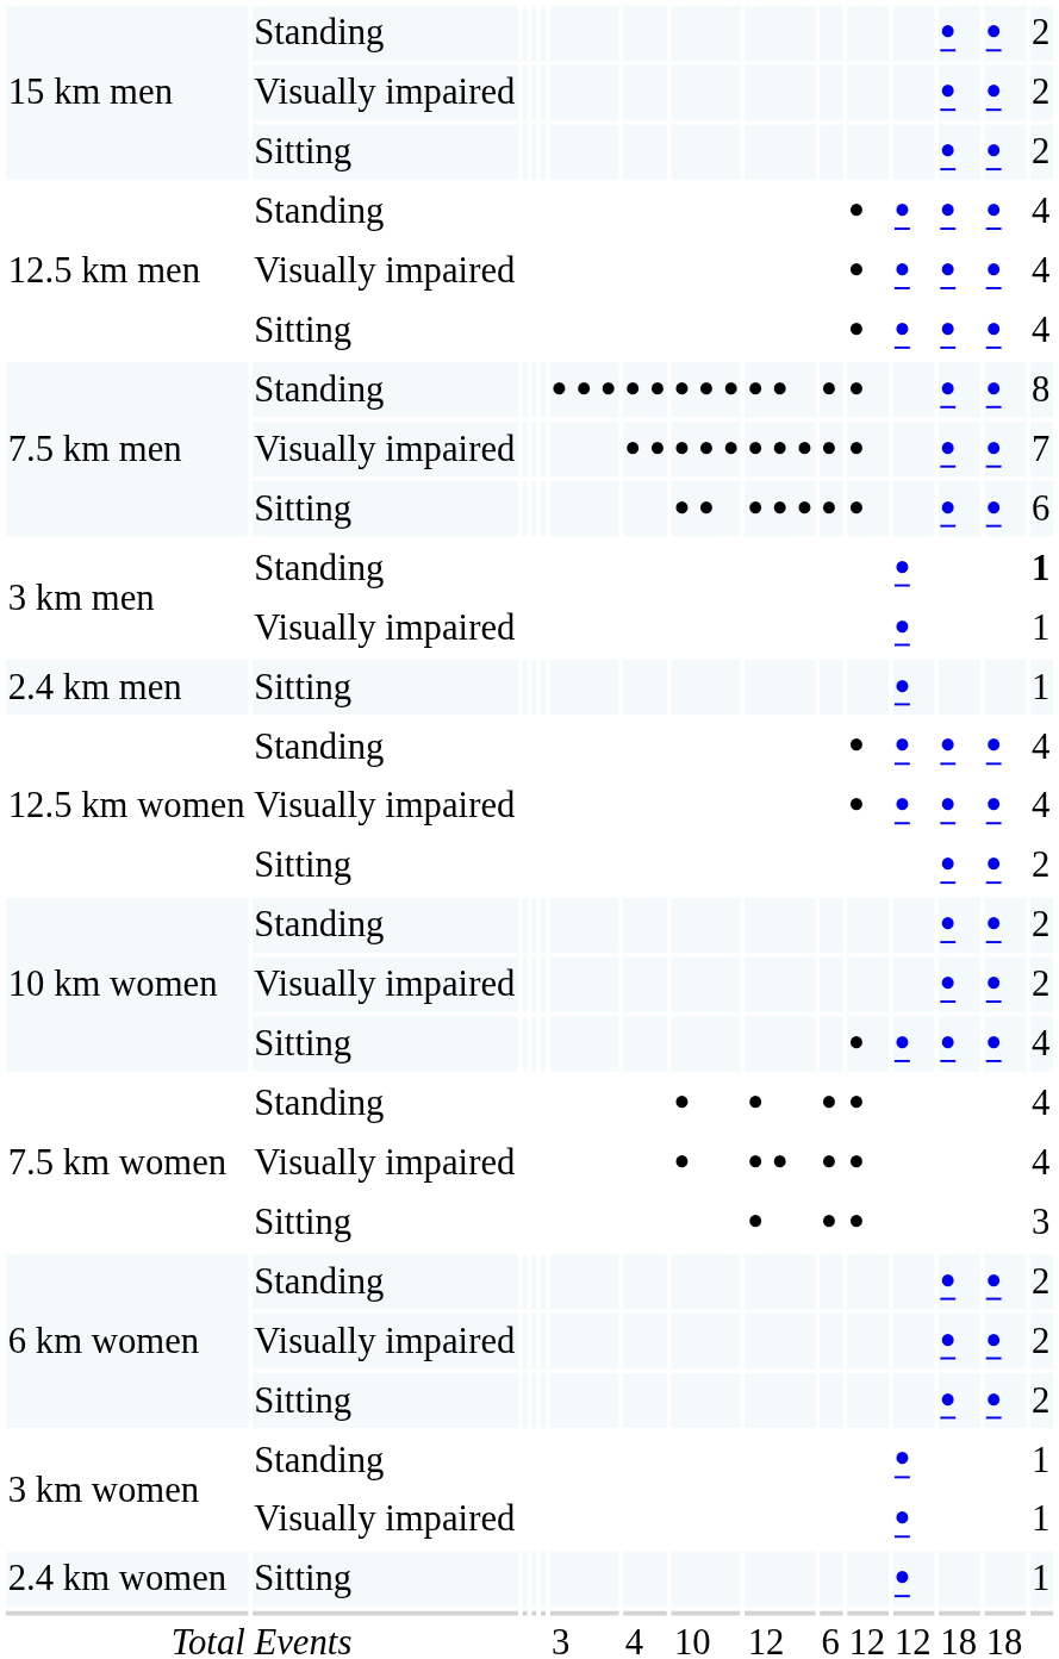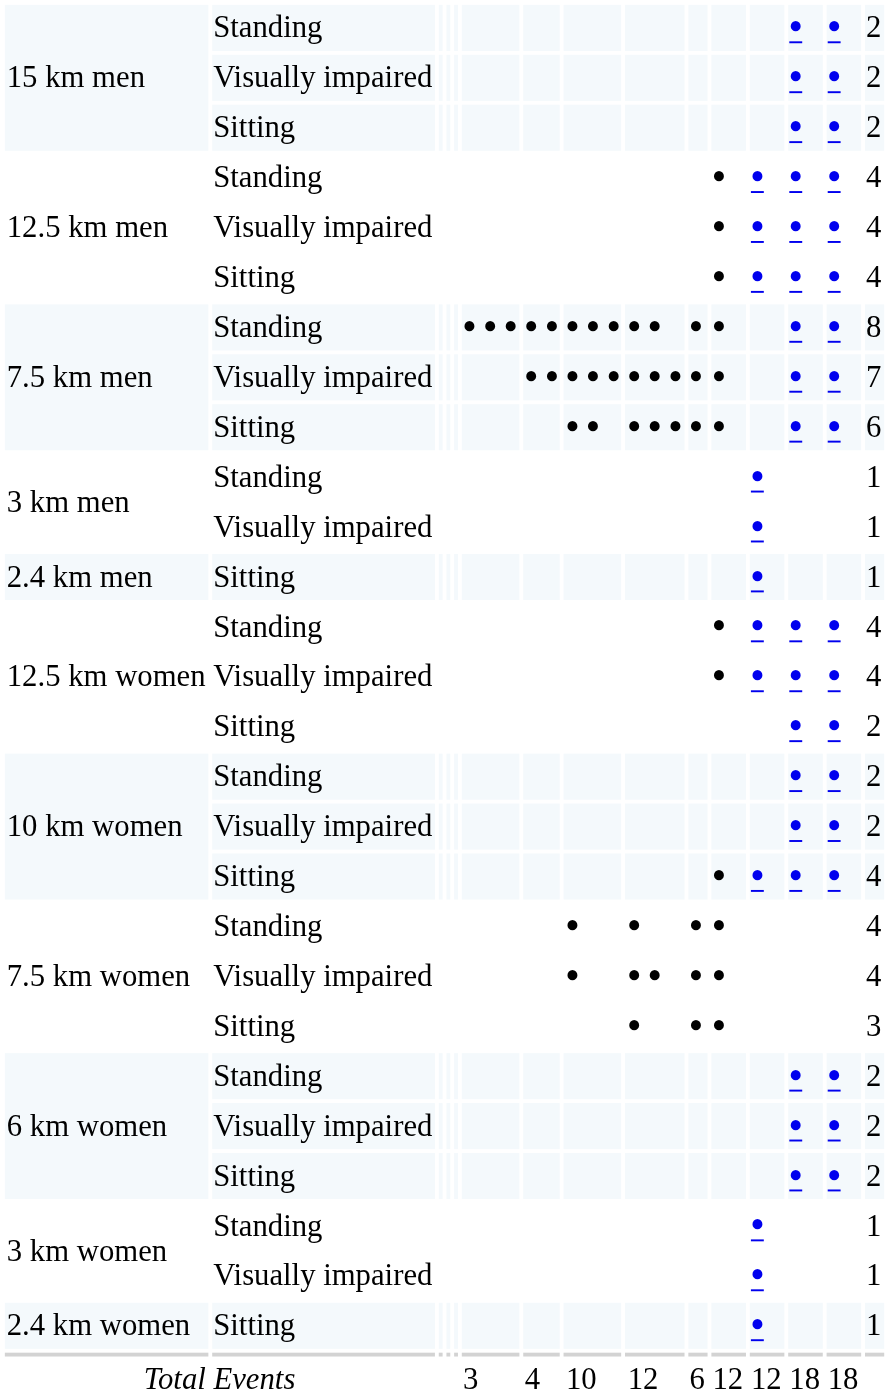 <table>
 <tr bgcolor="#F4F9FC">
 <td align=left rowspan="3">15 km men</td>
 <td align=left>Standing</td>
 <td></td>
 <td></td>
 <td></td>
 <td></td>
 <td></td>
 <td></td>
 <td></td>
 <td></td>
 <td></td>
 <td></td>
 <td><big><strong><a href='#'>•</a></strong></big></td>
 <td><big><strong><a href='#'>•</a></strong></big></td>
 <td>2</td>
 </tr>
 <tr bgcolor="#F4F9FC">
 <td align=left>Visually impaired</td>
 <td></td>
 <td></td>
 <td></td>
 <td></td>
 <td></td>
 <td></td>
 <td></td>
 <td></td>
 <td></td>
 <td></td>
 <td><big><strong><a href='#'>•</a></strong></big></td>
 <td><big><strong><a href='#'>•</a></strong></big></td>
 <td>2</td>
 </tr>
 <tr bgcolor="#F4F9FC">
 <td align=left>Sitting</td>
 <td></td>
 <td></td>
 <td></td>
 <td></td>
 <td></td>
 <td></td>
 <td></td>
 <td></td>
 <td></td>
 <td></td>
 <td><big><strong><a href='#'>•</a></strong></big></td>
 <td><big><strong><a href='#'>•</a></strong></big></td>
 <td>2</td>
 </tr>
 <tr>
 <td align=left rowspan="3">12.5 km men</td>
 <td align=left>Standing</td>
 <td></td>
 <td></td>
 <td></td>
 <td></td>
 <td></td>
 <td></td>
 <td></td>
 <td></td>
 <td><big><strong>•</strong></big></td>
 <td><big><strong><a href='#'>•</a></strong></big></td>
 <td><big><strong><a href='#'>•</a></strong></big></td>
 <td><big><strong><a href='#'>•</a></strong></big></td>
 <td>4</td>
 </tr>
 <tr>
 <td align=left>Visually impaired</td>
 <td></td>
 <td></td>
 <td></td>
 <td></td>
 <td></td>
 <td></td>
 <td></td>
 <td></td>
 <td><big><strong>•</strong></big></td>
 <td><big><strong><a href='#'>•</a></strong></big></td>
 <td><big><strong><a href='#'>•</a></strong></big></td>
 <td><big><strong><a href='#'>•</a></strong></big></td>
 <td>4</td>
 </tr>
 <tr>
 <td align=left>Sitting</td>
 <td></td>
 <td></td>
 <td></td>
 <td></td>
 <td></td>
 <td></td>
 <td></td>
 <td></td>
 <td><big><strong>•</strong></big></td>
 <td><big><strong><a href='#'>•</a></strong></big></td>
 <td><big><strong><a href='#'>•</a></strong></big></td>
 <td><big><strong><a href='#'>•</a></strong></big></td>
 <td>4</td>
 </tr>
 <tr bgcolor="#F4F9FC">
 <td align=left rowspan="3">7.5 km men</td>
 <td align=left>Standing</td>
 <td></td>
 <td></td>
 <td></td>
 <td><big><strong>•</strong></big> <big><strong>•</strong></big> <big><strong>•</strong></big></td>
 <td><big><strong>•</strong></big> <big><strong>•</strong></big></td>
 <td><big><strong>•</strong></big> <big><strong>•</strong></big> <big><strong>•</strong></big></td>
 <td><big><strong>•</strong></big> <big><strong>•</strong></big></td>
 <td><big><strong>•</strong></big></td>
 <td><big><strong>•</strong></big></td>
 <td></td>
 <td><big><strong><a href='#'>•</a></strong></big></td>
 <td><big><strong><a href='#'>•</a></strong></big></td>
 <td>8</td>
 </tr>
 <tr bgcolor="#F4F9FC">
 <td align=left>Visually impaired</td>
 <td></td>
 <td></td>
 <td></td>
 <td></td>
 <td><big><strong>•</strong></big> <big><strong>•</strong></big></td>
 <td><big><strong>•</strong></big> <big><strong>•</strong></big> <big><strong>•</strong></big></td>
 <td><big><strong>•</strong></big> <big><strong>•</strong></big> <big><strong>•</strong></big></td>
 <td><big><strong>•</strong></big></td>
 <td><big><strong>•</strong></big></td>
 <td></td>
 <td><big><strong><a href='#'>•</a></strong></big></td>
 <td><big><strong><a href='#'>•</a></strong></big></td>
 <td>7</td>
 </tr>
 <tr bgcolor="#F4F9FC">
 <td align=left>Sitting</td>
 <td></td>
 <td></td>
 <td></td>
 <td></td>
 <td></td>
 <td><big><strong>•</strong></big> <big><strong>•</strong></big></td>
 <td><big><strong>•</strong></big> <big><strong>•</strong></big> <big><strong>•</strong></big></td>
 <td><big><strong>•</strong></big></td>
 <td><big><strong>•</strong></big></td>
 <td></td>
 <td><big><strong><a href='#'>•</a></strong></big></td>
 <td><big><strong><a href='#'>•</a></strong></big></td>
 <td>6</td>
 </tr>
 <tr>
 <td align=left rowspan="2">3 km men</td>
 <td align=left>Standing</td>
 <td></td>
 <td></td>
 <td></td>
 <td></td>
 <td></td>
 <td></td>
 <td></td>
 <td></td>
 <td></td>
 <td><big><strong><a href='#'>•</a></strong></big></td>
 <td></td>
 <td></td>
-<td><strong>1</strong></td>
+<td>1</td>
 </tr>
 <tr>
 <td align=left>Visually impaired</td>
 <td></td>
 <td></td>
 <td></td>
 <td></td>
 <td></td>
 <td></td>
 <td></td>
 <td></td>
 <td></td>
 <td><big><strong><a href='#'>•</a></strong></big></td>
 <td></td>
 <td></td>
 <td>1</td>
 </tr>
 <tr bgcolor="#F4F9FC">
 <td align=left>2.4 km men</td>
 <td align=left>Sitting</td>
 <td></td>
 <td></td>
 <td></td>
 <td></td>
 <td></td>
 <td></td>
 <td></td>
 <td></td>
 <td></td>
 <td><big><strong><a href='#'>•</a></strong></big></td>
 <td></td>
 <td></td>
 <td>1</td>
 </tr>
 <tr>
 <td align=left rowspan="3">12.5 km women</td>
 <td align=left>Standing</td>
 <td></td>
 <td></td>
 <td></td>
 <td></td>
 <td></td>
 <td></td>
 <td></td>
 <td></td>
 <td><big><strong>•</strong></big></td>
 <td><big><strong><a href='#'>•</a></strong></big></td>
 <td><big><strong><a href='#'>•</a></strong></big></td>
 <td><big><strong><a href='#'>•</a></strong></big></td>
 <td>4</td>
 </tr>
 <tr>
 <td align=left>Visually impaired</td>
 <td></td>
 <td></td>
 <td></td>
 <td></td>
 <td></td>
 <td></td>
 <td></td>
 <td></td>
 <td><big><strong>•</strong></big></td>
 <td><big><strong><a href='#'>•</a></strong></big></td>
 <td><big><strong><a href='#'>•</a></strong></big></td>
 <td><big><strong><a href='#'>•</a></strong></big></td>
 <td>4</td>
 </tr>
 <tr>
 <td align=left>Sitting</td>
 <td></td>
 <td></td>
 <td></td>
 <td></td>
 <td></td>
 <td></td>
 <td></td>
 <td></td>
 <td></td>
 <td></td>
 <td><big><strong><a href='#'>•</a></strong></big></td>
 <td><big><strong><a href='#'>•</a></strong></big></td>
 <td>2</td>
 </tr>
 <tr bgcolor="#F4F9FC">
 <td align=left rowspan="3">10 km women</td>
 <td align=left>Standing</td>
 <td></td>
 <td></td>
 <td></td>
 <td></td>
 <td></td>
 <td></td>
 <td></td>
 <td></td>
 <td></td>
 <td></td>
 <td><big><strong><a href='#'>•</a></strong></big></td>
 <td><big><strong><a href='#'>•</a></strong></big></td>
 <td>2</td>
 </tr>
 <tr bgcolor="#F4F9FC">
 <td align=left>Visually impaired</td>
 <td></td>
 <td></td>
 <td></td>
 <td></td>
 <td></td>
 <td></td>
 <td></td>
 <td></td>
 <td></td>
 <td></td>
 <td><big><strong><a href='#'>•</a></strong></big></td>
 <td><big><strong><a href='#'>•</a></strong></big></td>
 <td>2</td>
 </tr>
 <tr bgcolor="#F4F9FC">
 <td align=left>Sitting</td>
 <td></td>
 <td></td>
 <td></td>
 <td></td>
 <td></td>
 <td></td>
 <td></td>
 <td></td>
 <td><big><strong>•</strong></big></td>
 <td><big><strong><a href='#'>•</a></strong></big></td>
 <td><big><strong><a href='#'>•</a></strong></big></td>
 <td><big><strong><a href='#'>•</a></strong></big></td>
 <td>4</td>
 </tr>
 <tr>
 <td align=left rowspan="3">7.5 km women</td>
 <td align=left>Standing</td>
 <td></td>
 <td></td>
 <td></td>
 <td></td>
 <td></td>
 <td><big><strong>•</strong></big></td>
 <td><big><strong>•</strong></big></td>
 <td><big><strong>•</strong></big></td>
 <td><big><strong>•</strong></big></td>
 <td></td>
 <td></td>
 <td></td>
 <td>4</td>
 </tr>
 <tr>
 <td align=left>Visually impaired</td>
 <td></td>
 <td></td>
 <td></td>
 <td></td>
 <td></td>
 <td><big><strong>•</strong></big></td>
 <td><big><strong>•</strong></big> <big><strong>•</strong></big></td>
 <td><big><strong>•</strong></big></td>
 <td><big><strong>•</strong></big></td>
 <td></td>
 <td></td>
 <td></td>
 <td>4</td>
 </tr>
 <tr>
 <td align=left>Sitting</td>
 <td></td>
 <td></td>
 <td></td>
 <td></td>
 <td></td>
 <td></td>
 <td><big><strong>•</strong></big></td>
 <td><big><strong>•</strong></big></td>
 <td><big><strong>•</strong></big></td>
 <td></td>
 <td></td>
 <td></td>
 <td>3</td>
 </tr>
 <tr bgcolor="#F4F9FC">
 <td align=left rowspan="3">6 km women</td>
 <td align=left>Standing</td>
 <td></td>
 <td></td>
 <td></td>
 <td></td>
 <td></td>
 <td></td>
 <td></td>
 <td></td>
 <td></td>
 <td></td>
 <td><big><strong><a href='#'>•</a></strong></big></td>
 <td><big><strong><a href='#'>•</a></strong></big></td>
 <td>2</td>
 </tr>
 <tr bgcolor="#F4F9FC">
 <td align=left>Visually impaired</td>
 <td></td>
 <td></td>
 <td></td>
 <td></td>
 <td></td>
 <td></td>
 <td></td>
 <td></td>
 <td></td>
 <td></td>
 <td><big><strong><a href='#'>•</a></strong></big></td>
 <td><big><strong><a href='#'>•</a></strong></big></td>
 <td>2</td>
 </tr>
 <tr bgcolor="#F4F9FC">
 <td align=left>Sitting</td>
 <td></td>
 <td></td>
 <td></td>
 <td></td>
 <td></td>
 <td></td>
 <td></td>
 <td></td>
 <td></td>
 <td></td>
 <td><big><strong><a href='#'>•</a></strong></big></td>
 <td><big><strong><a href='#'>•</a></strong></big></td>
 <td>2</td>
 </tr>
 <tr>
 <td align=left rowspan="2">3 km women</td>
 <td align=left>Standing</td>
 <td></td>
 <td></td>
 <td></td>
 <td></td>
 <td></td>
 <td></td>
 <td></td>
 <td></td>
 <td></td>
 <td><big><strong><a href='#'>•</a></strong></big></td>
 <td></td>
 <td></td>
 <td>1</td>
 </tr>
 <tr>
 <td align=left>Visually impaired</td>
 <td></td>
 <td></td>
 <td></td>
 <td></td>
 <td></td>
 <td></td>
 <td></td>
 <td></td>
 <td></td>
 <td><big><strong><a href='#'>•</a></strong></big></td>
 <td></td>
 <td></td>
 <td>1</td>
 </tr>
 <tr bgcolor="#F4F9FC">
 <td align=left>2.4 km women</td>
 <td align=left>Sitting</td>
 <td></td>
 <td></td>
 <td></td>
 <td></td>
 <td></td>
 <td></td>
 <td></td>
 <td></td>
 <td></td>
 <td><big><strong><a href='#'>•</a></strong></big></td>
 <td></td>
 <td></td>
 <td>1</td>
 </tr>
 <tr bgcolor=lightgray>
 <td></td>
 <td></td>
 <td></td>
 <td></td>
 <td></td>
 <td></td>
 <td></td>
 <td></td>
 <td></td>
 <td></td>
 <td></td>
 <td></td>
 <td></td>
 <td></td>
 <td></td>
 </tr>
 <tr>
 <td align=center colspan="2"><em>Total Events</em></td>
 <td></td>
 <td></td>
 <td></td>
 <td>3</td>
 <td>4</td>
 <td>10</td>
 <td>12</td>
 <td>6</td>
 <td>12</td>
 <td>12</td>
 <td>18</td>
 <td>18</td>
 <td></td>
 </tr>
 </table>
